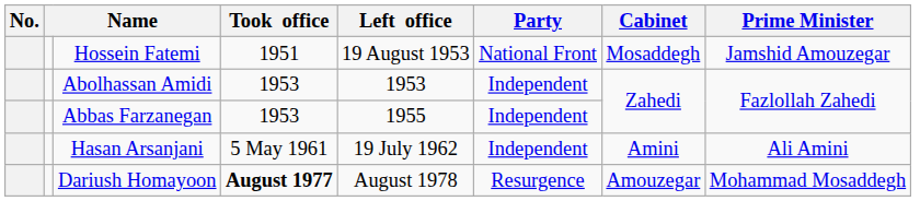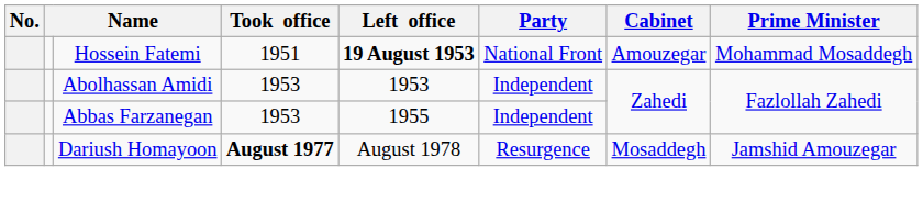 <table class="wikitable" style="text-align:center">
 <tr>
 <th>No.</th>
 <th colspan=2>Name</th>
 <th>Took office</th>
 <th>Left office</th>
 <th><a href='#'>Party</a></th>
 <th><a href='#'>Cabinet</a></th>
 <th><a href='#'>Prime Minister</a></th>
 </tr>
 <tr>
 <th></th>
 <td style="background:"></td>
 <td><a href='#'>Hossein Fatemi</a></td>
 <td>1951</td>
-<td>19 August 1953</td>
+<td><strong>19 August 1953</strong></td>
 <td><a href='#'>National Front</a></td>
-<td><a href='#'>Mosaddegh</a></td>
-<td><a href='#'>Jamshid Amouzegar</a></td>
+<td><a href='#'>Amouzegar</a></td>
+<td><a href='#'>Mohammad Mosaddegh</a></td>
 </tr>
 <tr>
 <th></th>
 <td style="background:"></td>
 <td><a href='#'>Abolhassan Amidi</a></td>
 <td>1953</td>
 <td>1953</td>
 <td><a href='#'>Independent</a></td>
 <td rowspan="2"><a href='#'>Zahedi</a></td>
 <td rowspan="2"><a href='#'>Fazlollah Zahedi</a></td>
 </tr>
 <tr>
 <th></th>
 <td style="background:"></td>
 <td><a href='#'>Abbas Farzanegan</a></td>
 <td>1953</td>
 <td>1955</td>
 <td><a href='#'>Independent</a></td>
 </tr>
 <tr>
 <th></th>
 <td style="background:"></td>
-<td><a href='#'>Hasan Arsanjani</a></td>
-<td>5 May 1961</td>
-<td>19 July 1962</td>
-<td><a href='#'>Independent</a></td>
-<td><a href='#'>Amini</a></td>
-<td><a href='#'>Ali Amini</a></td>
-</tr>
-<tr>
-<th></th>
-<td style="background:"></td>
 <td><a href='#'>Dariush Homayoon</a></td>
 <td><strong>August 1977</strong></td>
 <td>August 1978</td>
 <td><a href='#'>Resurgence</a></td>
-<td><a href='#'>Amouzegar</a></td>
-<td><a href='#'>Mohammad Mosaddegh</a></td>
+<td><a href='#'>Mosaddegh</a></td>
+<td><a href='#'>Jamshid Amouzegar</a></td>
 </tr>
 </table>
